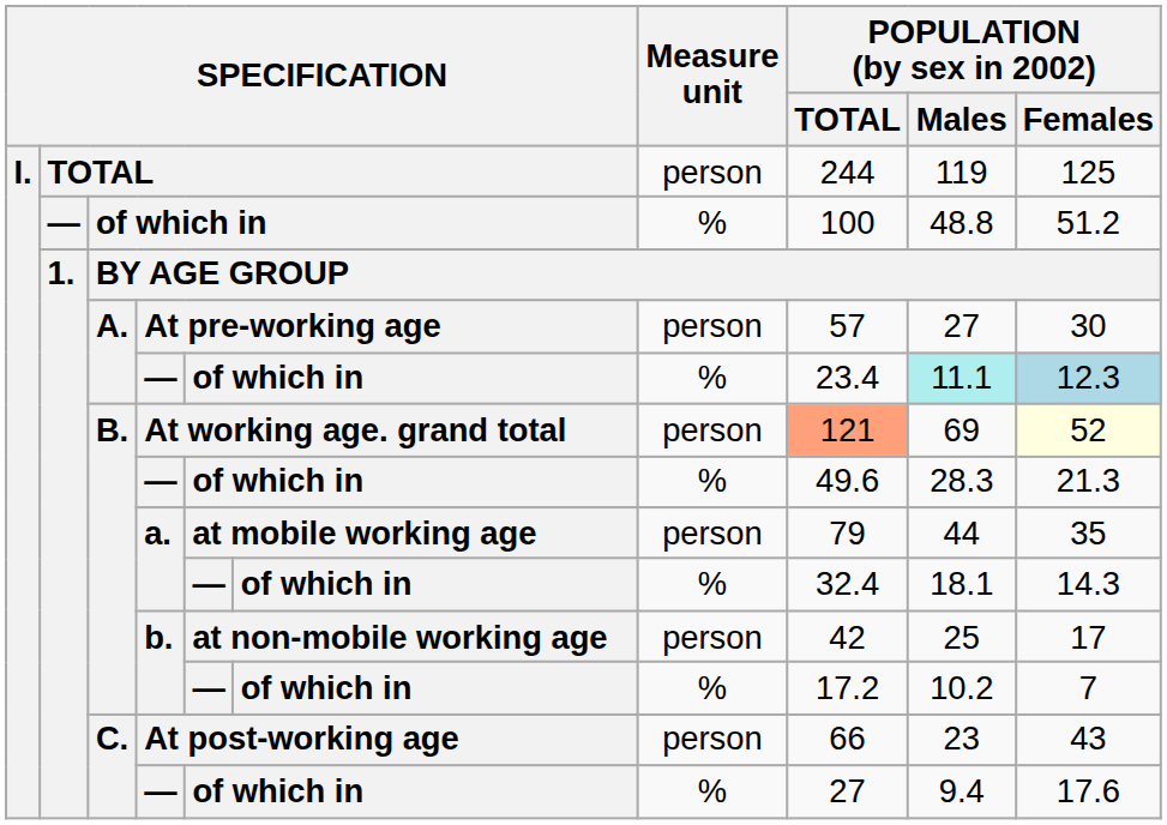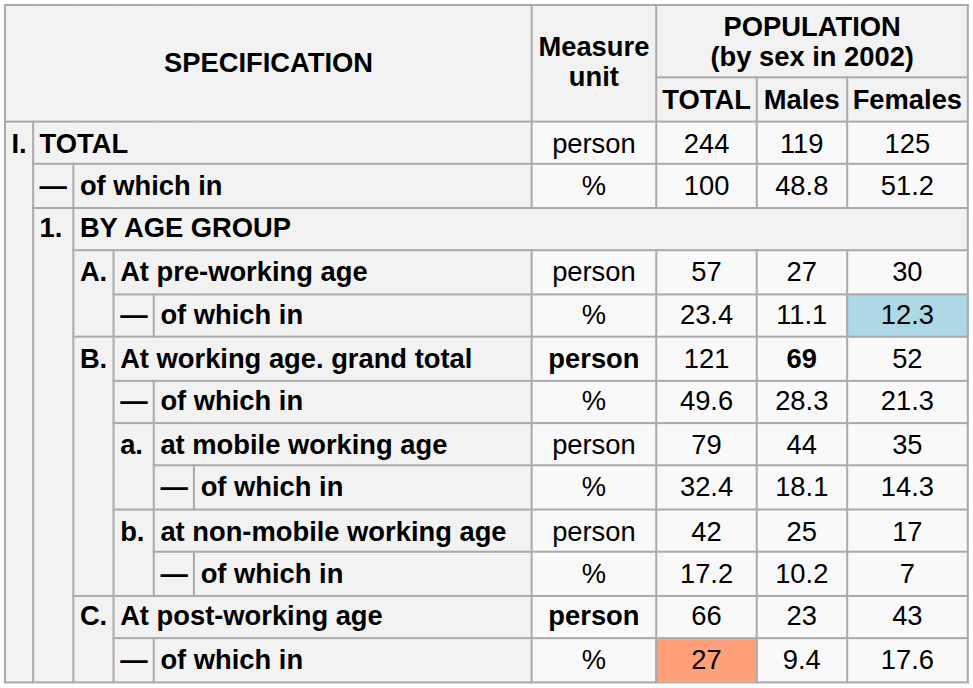 <table class="wikitable" style="font-size:85%; text-align:center">
 <tr>
 <th rowspan="2" colspan="6">SPECIFICATION</th>
 <th rowspan="2">Measure<br> unit</th>
 <th colspan="3" rowspan="1">POPULATION<br> (by sex in 2002)</th>
 </tr>
 <tr>
 <th>TOTAL</th>
 <th>Males</th>
 <th>Females</th>
 </tr>
 <tr>
 <th style="text-align:left" valign="top" rowspan="13">I.</th>
 <th style="text-align:left" colspan="5">TOTAL</th>
 <td>person</td>
 <td>244</td>
 <td>119</td>
 <td>125</td>
 </tr>
 <tr>
 <th style="text-align:left" valign="top">—</th>
 <th style="text-align:left" colspan="4">of which in</th>
 <td>%</td>
 <td>100</td>
 <td>48.8</td>
 <td>51.2</td>
 </tr>
 <tr>
 <th style="text-align:left" valign="top" rowspan="11">1.</th>
 <th style="text-align:left" colspan="19">BY AGE GROUP</th>
 </tr>
 <tr>
 <th style="text-align:left" valign="top" rowspan="2">A.</th>
 <th style="text-align:left" colspan="3">At pre-working age</th>
 <td>person</td>
 <td>57</td>
 <td>27</td>
 <td>30</td>
 </tr>
 <tr>
 <th style="text-align:left" valign="top">—</th>
 <th style="text-align:left" valign="top" colspan="2">of which in</th>
 <td>%</td>
 <td>23.4</td>
-<td style="background: paleturquoise;">11.1</td>
+<td>11.1</td>
 <td style="background: lightblue;">12.3</td>
 </tr>
 <tr>
 <th style="text-align:left" valign="top" rowspan="6">B.</th>
 <th style="text-align:left" colspan="3">At working age. grand total</th>
-<td>person</td>
-<td style="background: lightsalmon;">121</td>
-<td>69</td>
-<td style="background: lightyellow;">52</td>
+<td><strong>person</strong></td>
+<td>121</td>
+<td><strong>69</strong></td>
+<td>52</td>
 </tr>
 <tr>
 <th style="text-align:left" valign="top">—</th>
 <th style="text-align:left" valign="top" colspan="2">of which in</th>
 <td>%</td>
 <td>49.6</td>
 <td>28.3</td>
 <td>21.3</td>
 </tr>
 <tr>
 <th style="text-align:left" valign="top" rowspan="2">a.</th>
 <th style="text-align:left" colspan="2">at mobile working age</th>
 <td>person</td>
 <td>79</td>
 <td>44</td>
 <td>35</td>
 </tr>
 <tr>
 <th style="text-align:left" valign="top">—</th>
 <th style="text-align:left" valign="top" colspan="1">of which in                        </th>
 <td>%</td>
 <td>32.4</td>
 <td>18.1</td>
 <td>14.3</td>
 </tr>
 <tr>
 <th style="text-align:left" valign="top" rowspan="2">b.</th>
 <th style="text-align:left" colspan="2">at non-mobile working age</th>
 <td>person</td>
 <td>42</td>
 <td>25</td>
 <td>17</td>
 </tr>
 <tr>
 <th style="text-align:left" valign="top">—</th>
 <th style="text-align:left" valign="top" colspan="1">of which in                        </th>
 <td>%</td>
 <td>17.2</td>
 <td>10.2</td>
 <td>7</td>
 </tr>
 <tr>
 <th style="text-align:left" valign="top" rowspan="2">C.</th>
 <th style="text-align:left" colspan="3">At post-working age</th>
-<td>person</td>
+<td><strong>person</strong></td>
 <td>66</td>
 <td>23</td>
 <td>43</td>
 </tr>
 <tr>
 <th style="text-align:left" valign="top">—</th>
 <th style="text-align:left" valign="top" colspan="2">of which in</th>
 <td>%</td>
-<td>27</td>
+<td style="background: lightsalmon;">27</td>
 <td>9.4</td>
 <td>17.6</td>
 </tr>
 </table>
